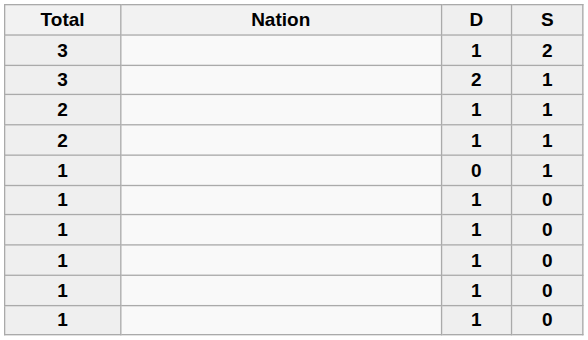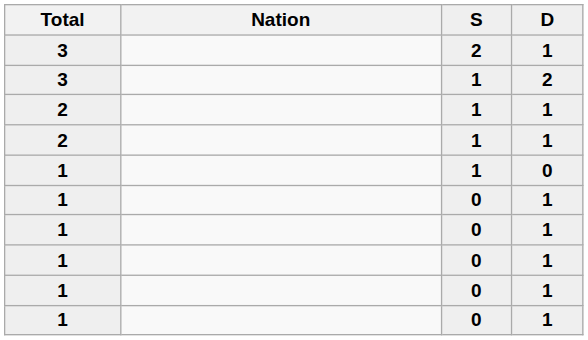 <table class="sortable wikitable" style="font-size:90%;">
 <tr>
 <th width=81>Total</th>
 <th width=236>Nation</th>
+<th width=47 style="background:#efefef"> S </th>
 <th width=47 style="background:#efefef"> D </th>
-<th width=47 style="background:#efefef"> S </th>
+</tr>
+<tr align=center>
+<td bgcolor=#efefef><strong>3</strong></td>
+<td align=left></td>
+<td bgcolor=#efefef><strong>2</strong></td>
+<td bgcolor=#efefef><strong>1</strong></td>
 </tr>
 <tr align=center>
 <td bgcolor=#efefef><strong>3</strong></td>
 <td align=left></td>
 <td bgcolor=#efefef><strong>1</strong></td>
 <td bgcolor=#efefef><strong>2</strong></td>
-</tr>
-<tr align=center>
-<td bgcolor=#efefef><strong>3</strong></td>
-<td align=left></td>
-<td bgcolor=#efefef><strong>2</strong></td>
-<td bgcolor=#efefef><strong>1</strong></td>
 </tr>
 <tr align=center>
 <td bgcolor=#efefef><strong>2</strong></td>
 <td align=left></td>
 <td bgcolor=#efefef><strong>1</strong></td>
 <td bgcolor=#efefef><strong>1</strong></td>
 </tr>
 <tr align=center>
 <td bgcolor=#efefef><strong>2</strong></td>
 <td align=left></td>
 <td bgcolor=#efefef><strong>1</strong></td>
 <td bgcolor=#efefef><strong>1</strong></td>
 </tr>
 <tr align=center>
 <td bgcolor=#efefef><strong>1</strong></td>
 <td align=left></td>
+<td bgcolor=#efefef><strong>1</strong></td>
+<td bgcolor=#efefef><strong>0</strong></td>
+</tr>
+<tr align=center>
+<td bgcolor=#efefef><strong>1</strong></td>
+<td align=left></td>
 <td bgcolor=#efefef><strong>0</strong></td>
 <td bgcolor=#efefef><strong>1</strong></td>
 </tr>
 <tr align=center>
 <td bgcolor=#efefef><strong>1</strong></td>
 <td align=left></td>
+<td bgcolor=#efefef><strong>0</strong></td>
 <td bgcolor=#efefef><strong>1</strong></td>
-<td bgcolor=#efefef><strong>0</strong></td>
 </tr>
 <tr align=center>
 <td bgcolor=#efefef><strong>1</strong></td>
 <td align=left></td>
+<td bgcolor=#efefef><strong>0</strong></td>
 <td bgcolor=#efefef><strong>1</strong></td>
-<td bgcolor=#efefef><strong>0</strong></td>
 </tr>
 <tr align=center>
 <td bgcolor=#efefef><strong>1</strong></td>
 <td align=left></td>
+<td bgcolor=#efefef><strong>0</strong></td>
 <td bgcolor=#efefef><strong>1</strong></td>
-<td bgcolor=#efefef><strong>0</strong></td>
 </tr>
 <tr align=center>
 <td bgcolor=#efefef><strong>1</strong></td>
 <td align=left></td>
+<td bgcolor=#efefef><strong>0</strong></td>
 <td bgcolor=#efefef><strong>1</strong></td>
-<td bgcolor=#efefef><strong>0</strong></td>
-</tr>
-<tr align=center>
-<td bgcolor=#efefef><strong>1</strong></td>
-<td align=left></td>
-<td bgcolor=#efefef><strong>1</strong></td>
-<td bgcolor=#efefef><strong>0</strong></td>
 </tr>
 </table>
